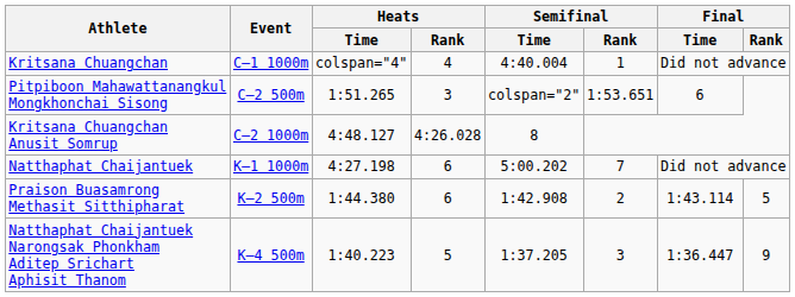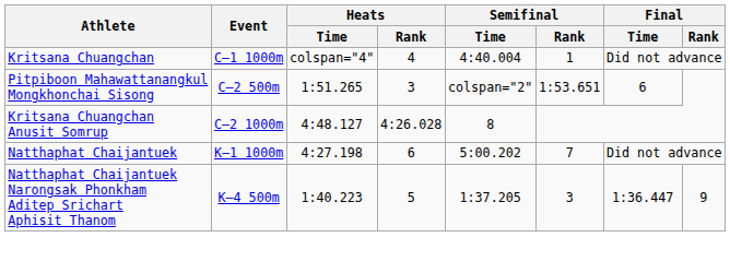 <table class=wikitable style="text-align:center; font-size:90%">
 <tr>
 <th rowspan="2">Athlete</th>
 <th rowspan="2">Event</th>
 <th colspan="2">Heats</th>
 <th colspan="2">Semifinal</th>
 <th colspan="2">Final</th>
 </tr>
 <tr>
 <th>Time</th>
 <th>Rank</th>
 <th>Time</th>
 <th>Rank</th>
 <th>Time</th>
 <th>Rank</th>
 </tr>
 <tr>
 <td style="text-align:left"><a href='#'>Kritsana Chuangchan</a></td>
 <td><a href='#'>C–1 1000m</a></td>
 <td>colspan="4" </td>
 <td>4 <strong></strong></td>
 <td>4:40.004</td>
 <td>1</td>
 <td colspan="2">Did not advance</td>
 </tr>
 <tr>
 <td style="text-align:left"><a href='#'>Pitpiboon Mahawattanangkul</a><br><a href='#'>Mongkhonchai Sisong</a></td>
 <td><a href='#'>C–2 500m</a></td>
 <td>1:51.265</td>
 <td>3 <strong></strong></td>
 <td>colspan="2" </td>
 <td>1:53.651</td>
 <td>6</td>
 </tr>
 <tr>
 <td style="text-align:left"><a href='#'>Kritsana Chuangchan</a><br><a href='#'>Anusit Somrup</a></td>
 <td><a href='#'>C–2 1000m</a></td>
 <td>4:48.127</td>
 <td>4:26.028</td>
 <td>8</td>
 </tr>
 <tr>
 <td style="text-align:left"><a href='#'>Natthaphat Chaijantuek</a></td>
 <td><a href='#'>K–1 1000m</a></td>
 <td>4:27.198</td>
 <td>6 <strong></strong></td>
 <td>5:00.202</td>
 <td>7</td>
 <td colspan="2">Did not advance</td>
 </tr>
 <tr>
-<td style="text-align:left"><a href='#'>Praison Buasamrong</a><br><a href='#'>Methasit Sitthipharat</a></td>
-<td><a href='#'>K–2 500m</a></td>
-<td>1:44.380</td>
-<td>6 <strong></strong></td>
-<td>1:42.908</td>
-<td>2 <strong></strong></td>
-<td>1:43.114</td>
-<td>5</td>
-</tr>
-<tr>
 <td style="text-align:left"><a href='#'>Natthaphat Chaijantuek</a><br><a href='#'>Narongsak Phonkham</a><br><a href='#'>Aditep Srichart</a><br><a href='#'>Aphisit Thanom</a></td>
 <td><a href='#'>K–4 500m</a></td>
 <td>1:40.223</td>
 <td>5 <strong></strong></td>
 <td>1:37.205</td>
 <td>3 <strong></strong></td>
 <td>1:36.447</td>
 <td>9</td>
 </tr>
 </table>
